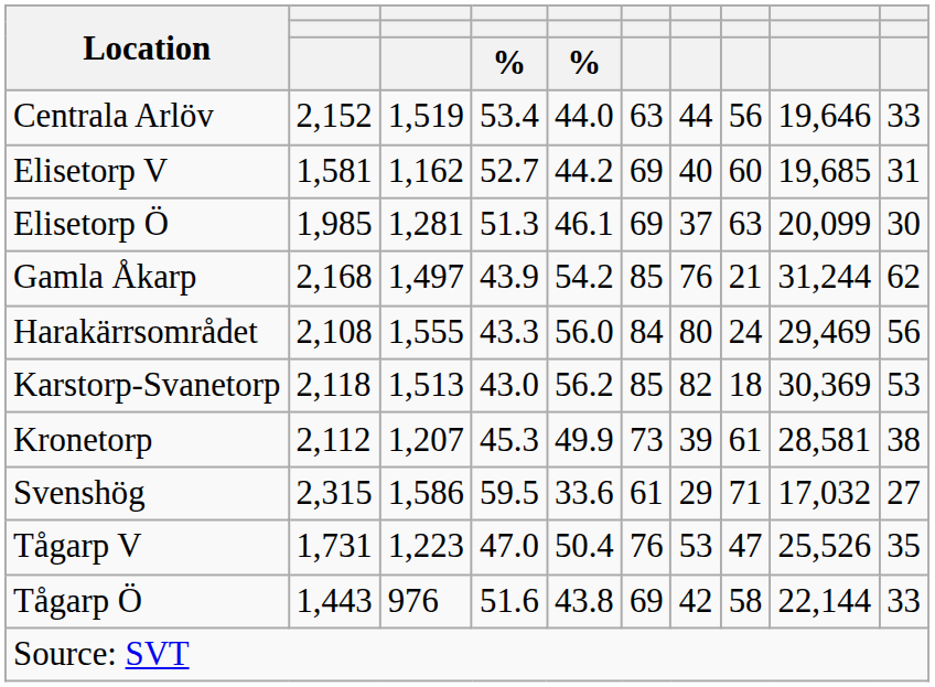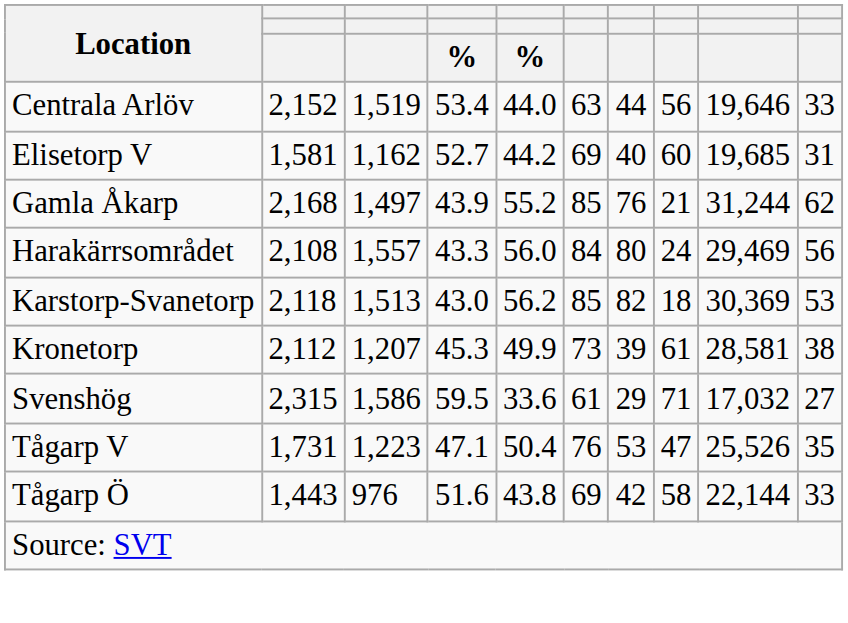 <table role="presentation" class="wikitable sortable mw-collapsible">
 <tr>
 <th rowspan="3">Location</th>
 <th></th>
 <th></th>
 <th></th>
 <th></th>
 <th></th>
 <th></th>
 <th></th>
 <th></th>
 <th></th>
 </tr>
 <tr>
 <th></th>
 <th></th>
 <th style="background:"></th>
 <th style="background:"></th>
 <th></th>
 <th></th>
 <th></th>
 <th></th>
 <th></th>
 </tr>
 <tr>
 <th data-sort-type="number"></th>
 <th data-sort-type="number"></th>
 <th data-sort-type="number">%</th>
 <th data-sort-type="number">%</th>
 <th data-sort-type="number"></th>
 <th data-sort-type="number"></th>
 <th data-sort-type="number"></th>
 <th data-sort-type="number"></th>
 <th data-sort-type="number"></th>
 </tr>
 <tr>
 <td align="left">Centrala Arlöv</td>
 <td>2,152</td>
 <td>1,519</td>
 <td>53.4</td>
 <td>44.0</td>
 <td>63</td>
 <td>44</td>
 <td>56</td>
 <td>19,646</td>
 <td>33</td>
 </tr>
 <tr>
 <td align="left">Elisetorp V</td>
 <td>1,581</td>
 <td>1,162</td>
 <td>52.7</td>
 <td>44.2</td>
 <td>69</td>
 <td>40</td>
 <td>60</td>
 <td>19,685</td>
 <td>31</td>
 </tr>
 <tr>
-<td align="left">Elisetorp Ö</td>
-<td>1,985</td>
-<td>1,281</td>
-<td>51.3</td>
-<td>46.1</td>
-<td>69</td>
-<td>37</td>
-<td>63</td>
-<td>20,099</td>
-<td>30</td>
-</tr>
-<tr>
 <td align="left">Gamla Åkarp</td>
 <td>2,168</td>
 <td>1,497</td>
 <td>43.9</td>
-<td>54.2</td>
+<td>55.2</td>
 <td>85</td>
 <td>76</td>
 <td>21</td>
 <td>31,244</td>
 <td>62</td>
 </tr>
 <tr>
 <td align="left">Harakärrsområdet</td>
 <td>2,108</td>
-<td>1,555</td>
+<td>1,557</td>
 <td>43.3</td>
 <td>56.0</td>
 <td>84</td>
 <td>80</td>
 <td>24</td>
 <td>29,469</td>
 <td>56</td>
 </tr>
 <tr>
 <td align="left">Karstorp-Svanetorp</td>
 <td>2,118</td>
 <td>1,513</td>
 <td>43.0</td>
 <td>56.2</td>
 <td>85</td>
 <td>82</td>
 <td>18</td>
 <td>30,369</td>
 <td>53</td>
 </tr>
 <tr>
 <td align="left">Kronetorp</td>
 <td>2,112</td>
 <td>1,207</td>
 <td>45.3</td>
 <td>49.9</td>
 <td>73</td>
 <td>39</td>
 <td>61</td>
 <td>28,581</td>
 <td>38</td>
 </tr>
 <tr>
 <td align="left">Svenshög</td>
 <td>2,315</td>
 <td>1,586</td>
 <td>59.5</td>
 <td>33.6</td>
 <td>61</td>
 <td>29</td>
 <td>71</td>
 <td>17,032</td>
 <td>27</td>
 </tr>
 <tr>
 <td align="left">Tågarp V</td>
 <td>1,731</td>
 <td>1,223</td>
-<td>47.0</td>
+<td>47.1</td>
 <td>50.4</td>
 <td>76</td>
 <td>53</td>
 <td>47</td>
 <td>25,526</td>
 <td>35</td>
 </tr>
 <tr>
 <td align="left">Tågarp Ö</td>
 <td>1,443</td>
 <td>976</td>
 <td>51.6</td>
 <td>43.8</td>
 <td>69</td>
 <td>42</td>
 <td>58</td>
 <td>22,144</td>
 <td>33</td>
 </tr>
 <tr>
 <td colspan="10" align="left">Source: <a href='#'>SVT</a></td>
 </tr>
 </table>
